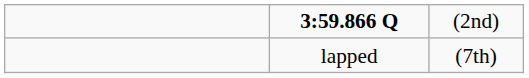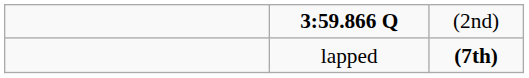 <table class="wikitable" style="text-align:center;">
 <tr>
 <td style="width:12em" align=left></td>
 <td style="width:7em;"><strong>3:59.866 Q</strong></td>
 <td style="width:4em;">(2nd)</td>
 </tr>
 <tr>
 <td align=left></td>
 <td>lapped</td>
-<td>(7th)</td>
+<td><strong>(7th)</strong></td>
 </tr>
 </table>
